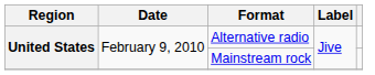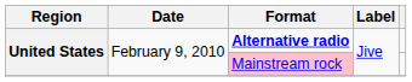 <table class="wikitable plainrowheaders">
 <tr>
 <th scope="col">Region</th>
 <th>Date</th>
 <th>Format</th>
 <th>Label</th>
 <th></th>
 </tr>
 <tr>
 <th scope="row" rowspan="2">United States</th>
 <td rowspan="2">February 9, 2010</td>
-<td><a href='#'>Alternative radio</a></td>
+<td><strong><a href='#'>Alternative radio</a></strong></td>
 <td rowspan="2"><a href='#'>Jive</a></td>
 <td align="center"></td>
 </tr>
 <tr>
-<td><a href='#'>Mainstream rock</a></td>
+<td style="background: pink;"><a href='#'>Mainstream rock</a></td>
 <td align="center"></td>
 </tr>
 <tr>
 </tr>
 </table>
